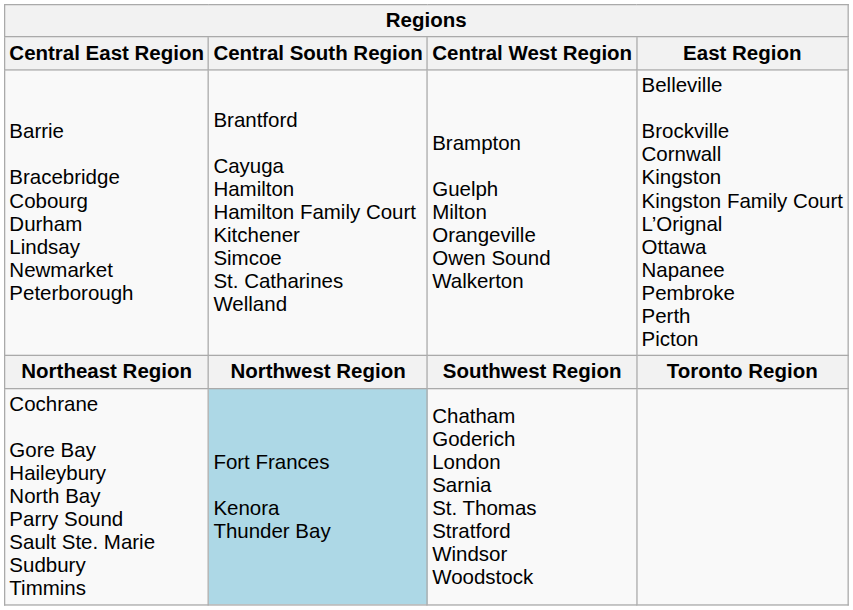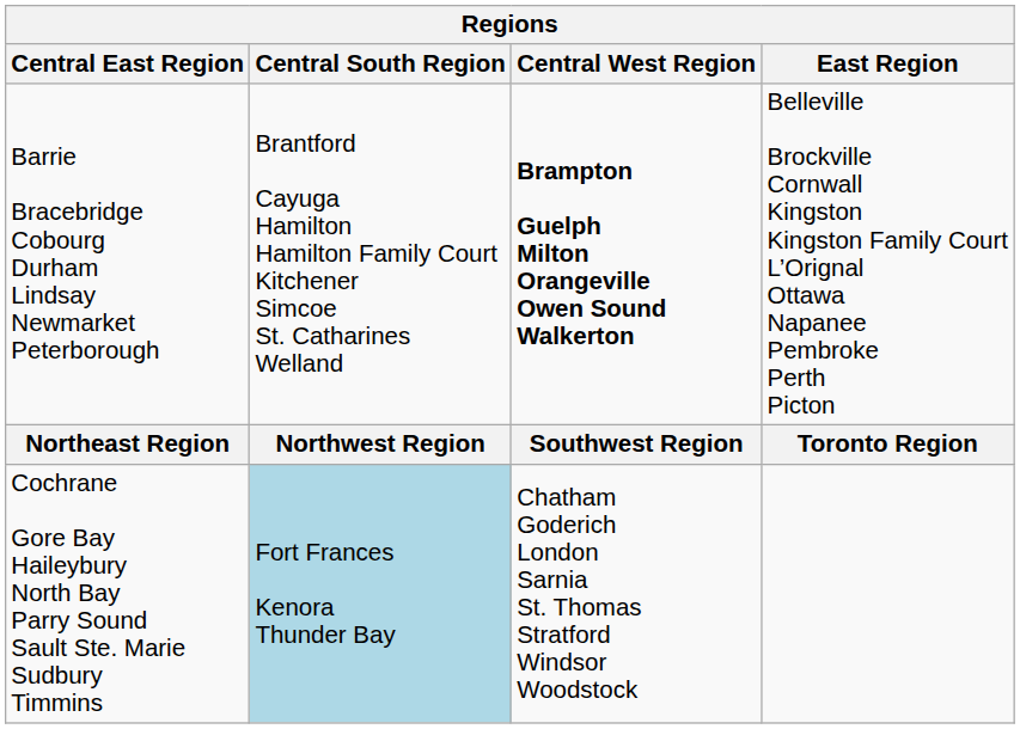 <table class="wikitable">
 <tr>
 <th colspan="5">Regions</th>
 </tr>
 <tr>
 <th>Central East Region</th>
 <th>Central South Region</th>
 <th>Central West Region</th>
 <th>East Region</th>
 </tr>
 <tr>
 <td>Barrie<br><br>Bracebridge<br> Cobourg<br> Durham<br> Lindsay<br> Newmarket<br> Peterborough</td>
 <td>Brantford<br><br>Cayuga<br> Hamilton<br> Hamilton Family Court<br> Kitchener<br> Simcoe<br> St. Catharines<br> Welland<br></td>
-<td>Brampton<br><br>Guelph<br> Milton<br> Orangeville<br> Owen Sound<br> Walkerton<br></td>
+<td><strong>Brampton<br><br>Guelph<br> Milton<br> Orangeville<br> Owen Sound<br> Walkerton<br></strong></td>
 <td>Belleville<br><br>Brockville<br> Cornwall<br> Kingston<br> Kingston Family Court<br> L’Orignal<br> Ottawa<br> Napanee<br> Pembroke<br> Perth<br> Picton<br></td>
 </tr>
 <tr>
 <th>Northeast Region</th>
 <th>Northwest Region</th>
 <th>Southwest Region</th>
 <th>Toronto Region</th>
 </tr>
 <tr>
 <td>Cochrane<br><br>Gore Bay<br> Haileybury<br> North Bay<br> Parry Sound<br> Sault Ste. Marie<br> Sudbury<br> Timmins</td>
 <td style="background: lightblue;">Fort Frances<br><br>Kenora<br> Thunder Bay</td>
 <td>Chatham<br>Goderich<br> London<br> Sarnia<br> St. Thomas<br> Stratford<br> Windsor<br> Woodstock</td>
 <td></td>
 </tr>
 </table>
